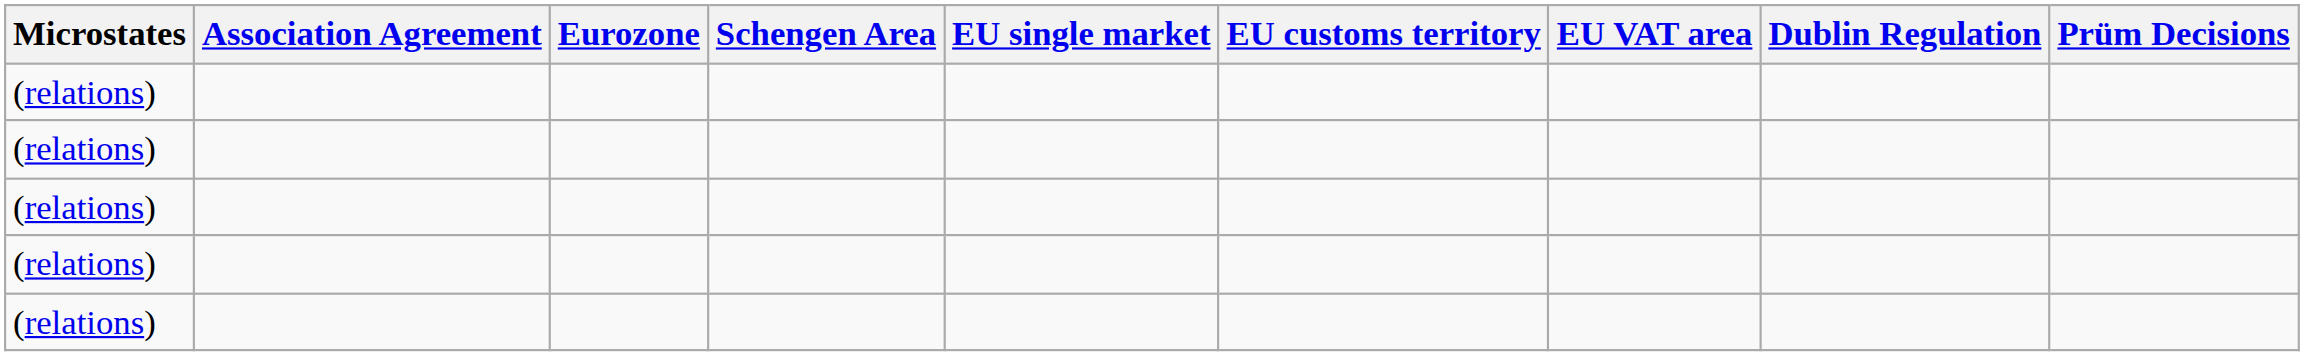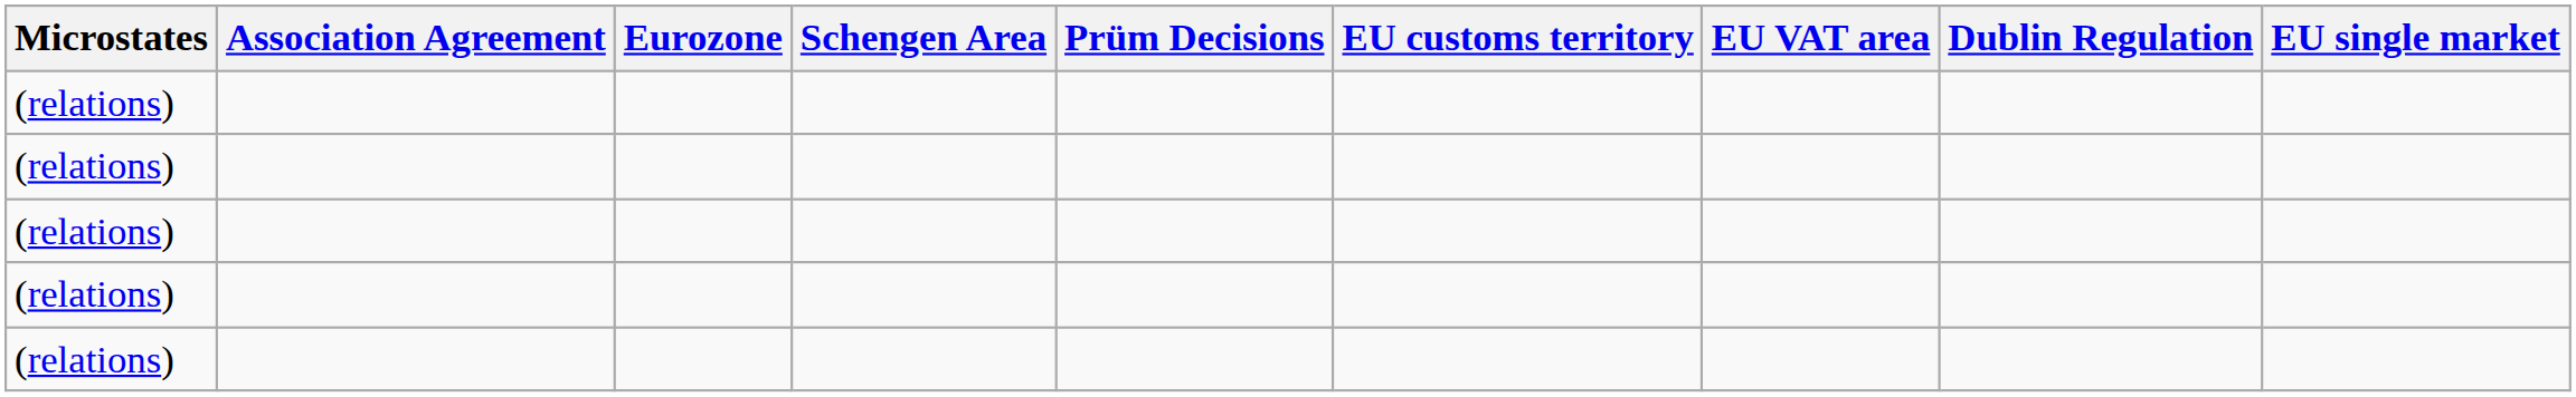 <table class="wikitable sortable" style="line-height:1.2">
 <tr valign="bottom">
 <th>Microstates</th>
 <th><a href='#'>Association Agreement</a></th>
 <th><a href='#'>Eurozone</a></th>
 <th><a href='#'>Schengen Area</a></th>
-<th><a href='#'>EU single market</a></th>
+<th><a href='#'>Prüm Decisions</a></th>
 <th><a href='#'>EU customs territory</a></th>
 <th><a href='#'>EU VAT area</a></th>
 <th><a href='#'>Dublin Regulation</a></th>
-<th><a href='#'>Prüm Decisions</a></th>
+<th><a href='#'>EU single market</a></th>
 </tr>
 <tr>
 <td> (<a href='#'>relations</a>)</td>
 <td></td>
 <td></td>
 <td></td>
 <td></td>
 <td></td>
 <td></td>
 <td></td>
 <td></td>
 </tr>
 <tr>
 <td> (<a href='#'>relations</a>)</td>
 <td></td>
 <td></td>
 <td></td>
 <td></td>
 <td></td>
 <td></td>
 <td></td>
 <td></td>
 </tr>
 <tr>
 <td> (<a href='#'>relations</a>)</td>
 <td></td>
 <td></td>
 <td></td>
 <td></td>
 <td></td>
 <td></td>
 <td></td>
 <td></td>
 </tr>
 <tr>
 <td> (<a href='#'>relations</a>)</td>
 <td></td>
 <td></td>
 <td></td>
 <td></td>
 <td></td>
 <td></td>
 <td></td>
 <td></td>
 </tr>
 <tr>
 <td> (<a href='#'>relations</a>)</td>
 <td></td>
 <td></td>
 <td></td>
 <td></td>
 <td></td>
 <td></td>
 <td></td>
 <td></td>
 </tr>
 </table>
